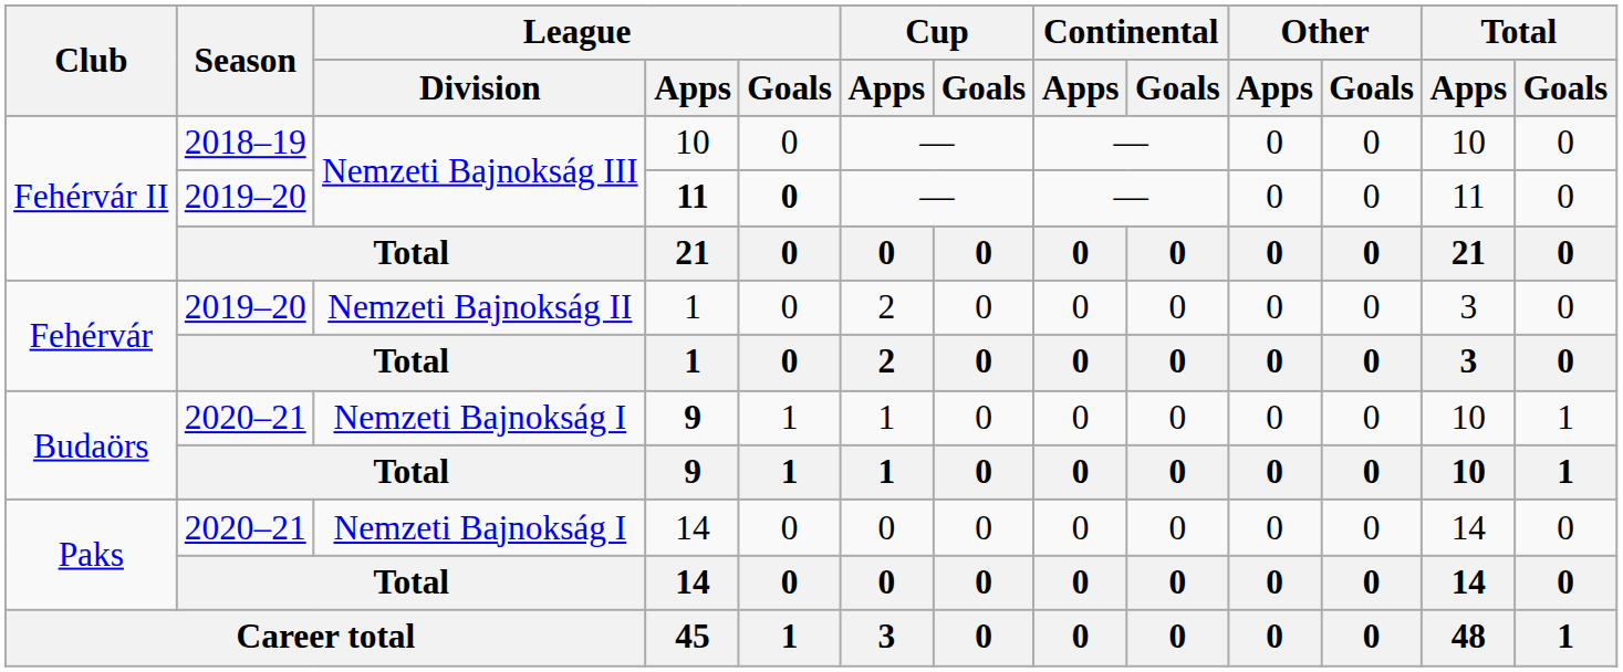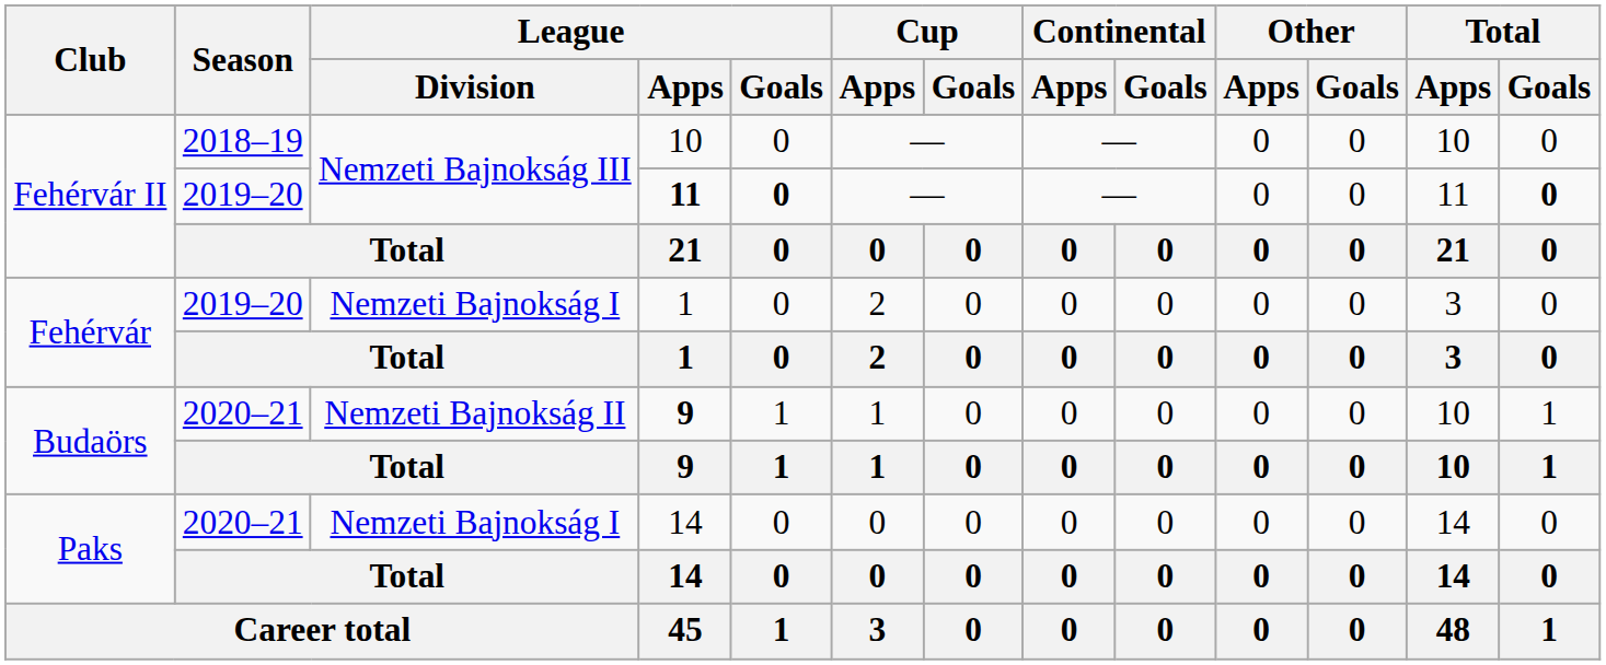 <table class="wikitable" style="text-align:center">
 <tr>
 <th rowspan="2">Club</th>
 <th rowspan="2">Season</th>
 <th colspan="3">League</th>
 <th colspan="2">Cup</th>
 <th colspan="2">Continental</th>
 <th colspan="2">Other</th>
 <th colspan="2">Total</th>
 </tr>
 <tr>
 <th>Division</th>
 <th>Apps</th>
 <th>Goals</th>
 <th>Apps</th>
 <th>Goals</th>
 <th>Apps</th>
 <th>Goals</th>
 <th>Apps</th>
 <th>Goals</th>
 <th>Apps</th>
 <th>Goals</th>
 </tr>
 <tr>
 <td rowspan="3"><a href='#'>Fehérvár II</a></td>
 <td><a href='#'>2018–19</a></td>
 <td rowspan="2"><a href='#'>Nemzeti Bajnokság III</a></td>
 <td>10</td>
 <td>0</td>
 <td colspan="2">—</td>
 <td colspan="2">—</td>
 <td>0</td>
 <td>0</td>
 <td>10</td>
 <td>0</td>
 </tr>
 <tr>
 <td><a href='#'>2019–20</a></td>
 <td><strong>11</strong></td>
 <td><strong>0</strong></td>
 <td colspan="2">—</td>
 <td colspan="2">—</td>
 <td>0</td>
 <td>0</td>
 <td>11</td>
-<td>0</td>
+<td><strong>0</strong></td>
 </tr>
 <tr>
 <th colspan="2">Total</th>
 <th>21</th>
 <th>0</th>
 <th>0</th>
 <th>0</th>
 <th>0</th>
 <th>0</th>
 <th>0</th>
 <th>0</th>
 <th>21</th>
 <th>0</th>
 </tr>
 <tr>
 <td rowspan="2"><a href='#'>Fehérvár</a></td>
 <td><a href='#'>2019–20</a></td>
-<td><a href='#'>Nemzeti Bajnokság II</a></td>
+<td><a href='#'>Nemzeti Bajnokság I</a></td>
 <td>1</td>
 <td>0</td>
 <td>2</td>
 <td>0</td>
 <td>0</td>
 <td>0</td>
 <td>0</td>
 <td>0</td>
 <td>3</td>
 <td>0</td>
 </tr>
 <tr>
 <th colspan="2">Total</th>
 <th>1</th>
 <th>0</th>
 <th>2</th>
 <th>0</th>
 <th>0</th>
 <th>0</th>
 <th>0</th>
 <th>0</th>
 <th>3</th>
 <th>0</th>
 </tr>
 <tr>
 <td rowspan="2"><a href='#'>Budaörs</a></td>
 <td><a href='#'>2020–21</a></td>
-<td><a href='#'>Nemzeti Bajnokság I</a></td>
+<td><a href='#'>Nemzeti Bajnokság II</a></td>
 <td><strong>9</strong></td>
 <td>1</td>
 <td>1</td>
 <td>0</td>
 <td>0</td>
 <td>0</td>
 <td>0</td>
 <td>0</td>
 <td>10</td>
 <td>1</td>
 </tr>
 <tr>
 <th colspan="2">Total</th>
 <th>9</th>
 <th>1</th>
 <th>1</th>
 <th>0</th>
 <th>0</th>
 <th>0</th>
 <th>0</th>
 <th>0</th>
 <th>10</th>
 <th>1</th>
 </tr>
 <tr>
 <td rowspan="2"><a href='#'>Paks</a></td>
 <td><a href='#'>2020–21</a></td>
 <td><a href='#'>Nemzeti Bajnokság I</a></td>
 <td>14</td>
 <td>0</td>
 <td>0</td>
 <td>0</td>
 <td>0</td>
 <td>0</td>
 <td>0</td>
 <td>0</td>
 <td>14</td>
 <td>0</td>
 </tr>
 <tr>
 <th colspan="2">Total</th>
 <th>14</th>
 <th>0</th>
 <th>0</th>
 <th>0</th>
 <th>0</th>
 <th>0</th>
 <th>0</th>
 <th>0</th>
 <th>14</th>
 <th>0</th>
 </tr>
 <tr>
 <th colspan="3">Career total</th>
 <th>45</th>
 <th>1</th>
 <th>3</th>
 <th>0</th>
 <th>0</th>
 <th>0</th>
 <th>0</th>
 <th>0</th>
 <th>48</th>
 <th>1</th>
 </tr>
 </table>
